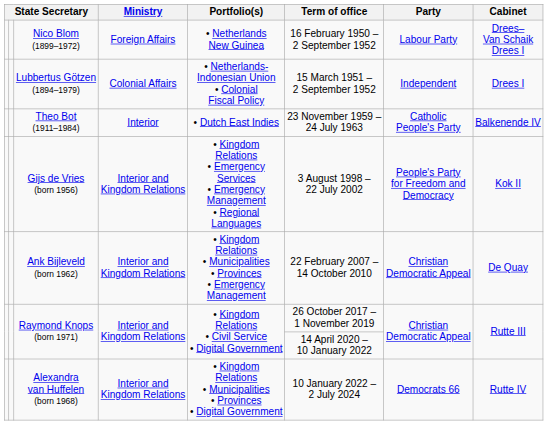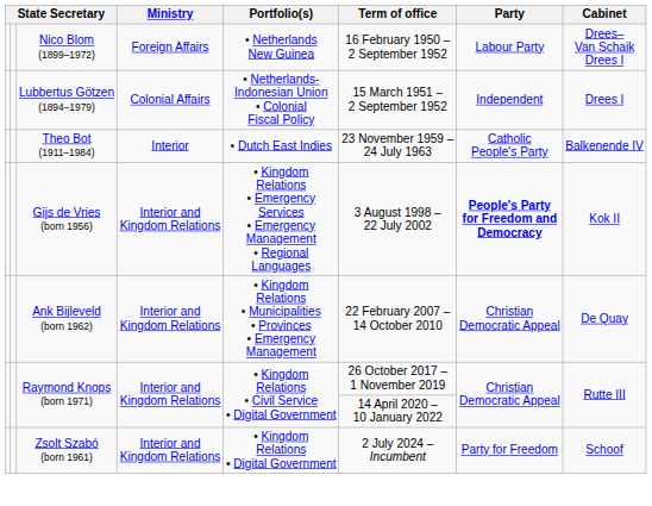 <table class="wikitable" style="text-align:center">
 <tr>
 <th colspan=3>State Secretary</th>
 <th><a href='#'>Ministry</a></th>
 <th>Portfolio(s)</th>
 <th>Term of office</th>
 <th>Party</th>
 <th>Cabinet</th>
 </tr>
 <tr>
 <td style="background:"></td>
 <td></td>
 <td><a href='#'>Nico Blom</a> <br> <small>(1899–1972)</small></td>
 <td><a href='#'>Foreign Affairs</a></td>
 <td>• <a href='#'>Netherlands <br> New Guinea</a></td>
 <td>16 February 1950 – <br> 2 September 1952</td>
 <td><a href='#'>Labour Party</a></td>
 <td><a href='#'>Drees–<br>Van Schaik</a> <br> <a href='#'>Drees I</a> <br></td>
 </tr>
 <tr>
 <td style="background:"></td>
 <td></td>
 <td><a href='#'>Lubbertus Götzen</a> <br> <small>(1894–1979)</small></td>
 <td><a href='#'>Colonial Affairs</a></td>
 <td>• <a href='#'>Netherlands-<br>Indonesian Union</a> <br> • <a href='#'>Colonial <br> Fiscal Policy</a></td>
 <td>15 March 1951 – <br> 2 September 1952</td>
 <td><a href='#'>Independent</a></td>
 <td><a href='#'>Drees I</a> <br></td>
 </tr>
 <tr>
 <td style="background:"></td>
 <td></td>
 <td><a href='#'>Theo Bot</a> <br> <small>(1911–1984)</small></td>
 <td><a href='#'>Interior</a></td>
 <td>• <a href='#'>Dutch East Indies</a></td>
 <td>23 November 1959 – <br> 24 July 1963</td>
 <td><a href='#'>Catholic <br> People's Party</a></td>
 <td><a href='#'>Balkenende IV</a> <br></td>
 </tr>
 <tr>
 <td style="background:"></td>
 <td></td>
 <td><a href='#'>Gijs de Vries</a> <br> <small>(born 1956)</small></td>
 <td><a href='#'>Interior and <br> Kingdom Relations</a></td>
 <td>• <a href='#'>Kingdom <br> Relations</a> <br> • <a href='#'>Emergency <br> Services</a> <br> • <a href='#'>Emergency <br> Management</a> <br> • <a href='#'>Regional <br> Languages</a></td>
 <td>3 August 1998 – <br> 22 July 2002</td>
-<td><a href='#'>People's Party <br> for Freedom and <br> Democracy</a></td>
+<td><strong><a href='#'>People's Party <br> for Freedom and <br> Democracy</a></strong></td>
 <td><a href='#'>Kok II</a> <br></td>
 </tr>
 <tr>
 <td style="background:"></td>
 <td></td>
 <td><a href='#'>Ank Bijleveld</a> <br> <small>(born 1962)</small></td>
 <td><a href='#'>Interior and <br> Kingdom Relations</a></td>
 <td>• <a href='#'>Kingdom <br> Relations</a> <br> • <a href='#'>Municipalities</a> <br> • <a href='#'>Provinces</a> <br> • <a href='#'>Emergency <br> Management</a></td>
 <td>22 February 2007 – <br> 14 October 2010</td>
 <td><a href='#'>Christian <br> Democratic Appeal</a></td>
 <td><a href='#'>De Quay</a> <br></td>
 </tr>
 <tr>
 <td rowspan=2 style="background:"></td>
 <td rowspan=2></td>
 <td rowspan=2><a href='#'>Raymond Knops</a> <br> <small>(born 1971)</small></td>
 <td rowspan=2><a href='#'>Interior and <br> Kingdom Relations</a></td>
 <td rowspan=2>• <a href='#'>Kingdom <br> Relations</a> <br> • <a href='#'>Civil Service</a> <br> • <a href='#'>Digital Government</a></td>
 <td>26 October 2017 – <br> 1 November 2019 <br> </td>
 <td rowspan=2><a href='#'>Christian <br> Democratic Appeal</a></td>
 <td rowspan=2><a href='#'>Rutte III</a> <br></td>
 </tr>
 <tr>
 <td>14 April 2020 – <br> 10 January 2022</td>
 </tr>
 <tr>
 <td style="background:"></td>
 <td></td>
-<td><a href='#'>Alexandra <br> van Huffelen</a> <br> <small>(born 1968)</small></td>
+<td><a href='#'>Zsolt Szabó</a> <br> <small>(born 1961)</small></td>
 <td><a href='#'>Interior and <br> Kingdom Relations</a></td>
-<td>• <a href='#'>Kingdom <br> Relations</a> <br> • <a href='#'>Municipalities</a> <br> • <a href='#'>Provinces</a> <br> • <a href='#'>Digital Government</a></td>
-<td>10 January 2022 – <br> 2 July 2024</td>
-<td><a href='#'>Democrats 66</a></td>
-<td><a href='#'>Rutte IV</a> <br></td>
+<td>• <a href='#'>Kingdom <br> Relations</a> <br> • <a href='#'>Digital Government</a></td>
+<td>2 July 2024 – <br> <em>Incumbent</em></td>
+<td><a href='#'>Party for Freedom</a></td>
+<td><a href='#'>Schoof</a> <br></td>
 </tr>
 </table>
